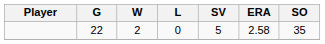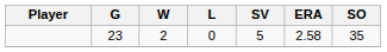 <table class="wikitable sortable">
 <tr>
 <th bgcolor="#DDDDFF" width="16%">Player</th>
 <th bgcolor="#DDDDFF" width="9%">G</th>
 <th bgcolor="#DDDDFF" width="9%">W</th>
 <th bgcolor="#DDDDFF" width="9%">L</th>
 <th bgcolor="#DDDDFF" width="9%">SV</th>
 <th bgcolor="#DDDDFF" width="9%">ERA</th>
 <th bgcolor="#DDDDFF" width="9%">SO</th>
 </tr>
 <tr align="center">
 <td></td>
-<td>22</td>
+<td>23</td>
 <td>2</td>
 <td>0</td>
 <td>5</td>
 <td>2.58</td>
 <td>35</td>
 </tr>
 <tr align="center">
 </tr>
 </table>
